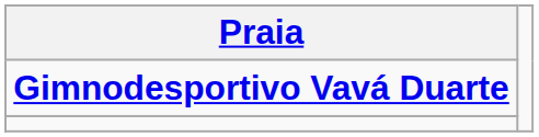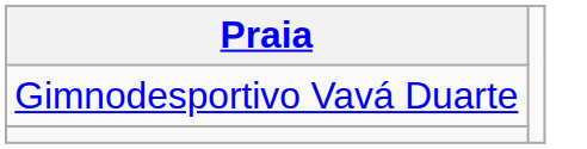 <table class="wikitable" style="text-align:center;">
 <tr>
 <th><a href='#'>Praia</a></th>
 <td rowspan="4"><br></td>
 </tr>
 <tr>
-<td><strong><a href='#'>Gimnodesportivo Vavá Duarte</a><br></strong></td>
+<td><a href='#'>Gimnodesportivo Vavá Duarte</a><br></td>
 </tr>
 <tr>
 <td></td>
 </tr>
 </table>
